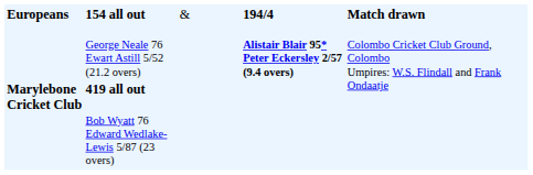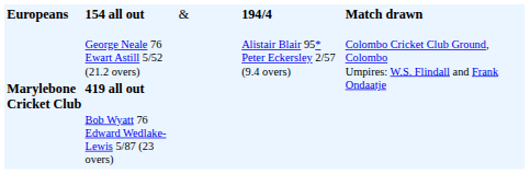 <table width="100%" style="background: #EBF5FF">
 <tr>
 <td width="15%" valign="top" rowspan="2"><strong>Europeans</strong></td>
 <td width="18%"><strong>154 all out</strong></td>
 <td width="12%">&</td>
 <td width="20%"><strong>194/4</strong></td>
 <td width="35%"><strong>Match drawn</strong> </td>
 </tr>
 <tr>
 <td style="font-size: 85%;" valign="top"><br><a href='#'>George Neale</a> 76<br> <a href='#'>Ewart Astill</a> 5/52 (21.2 overs)</td>
 <td></td>
-<td style="font-size: 85%;"><strong><br><a href='#'>Alistair Blair</a> 95<a href='#'>*</a><br> <a href='#'>Peter Eckersley</a> 2/57 (9.4 overs)</strong></td>
+<td style="font-size: 85%;"><br><a href='#'>Alistair Blair</a> 95<a href='#'>*</a><br> <a href='#'>Peter Eckersley</a> 2/57 (9.4 overs)</td>
 <td valign="top" style="font-size: 85%;" rowspan="3"><br><a href='#'>Colombo Cricket Club Ground</a>, <a href='#'>Colombo</a><br> Umpires: <a href='#'>W.S. Flindall</a> and <a href='#'>Frank Ondaatje</a></td>
 </tr>
 <tr>
 <td valign="top" rowspan="2"><strong>Marylebone Cricket Club</strong></td>
 <td><strong>419 all out</strong></td>
 <td></td>
 <td></td>
 </tr>
 <tr>
 <td style="font-size: 85%;"><br><a href='#'>Bob Wyatt</a> 76<br> <a href='#'>Edward Wedlake-Lewis</a> 5/87 (23 overs)</td>
 </tr>
 </table>
